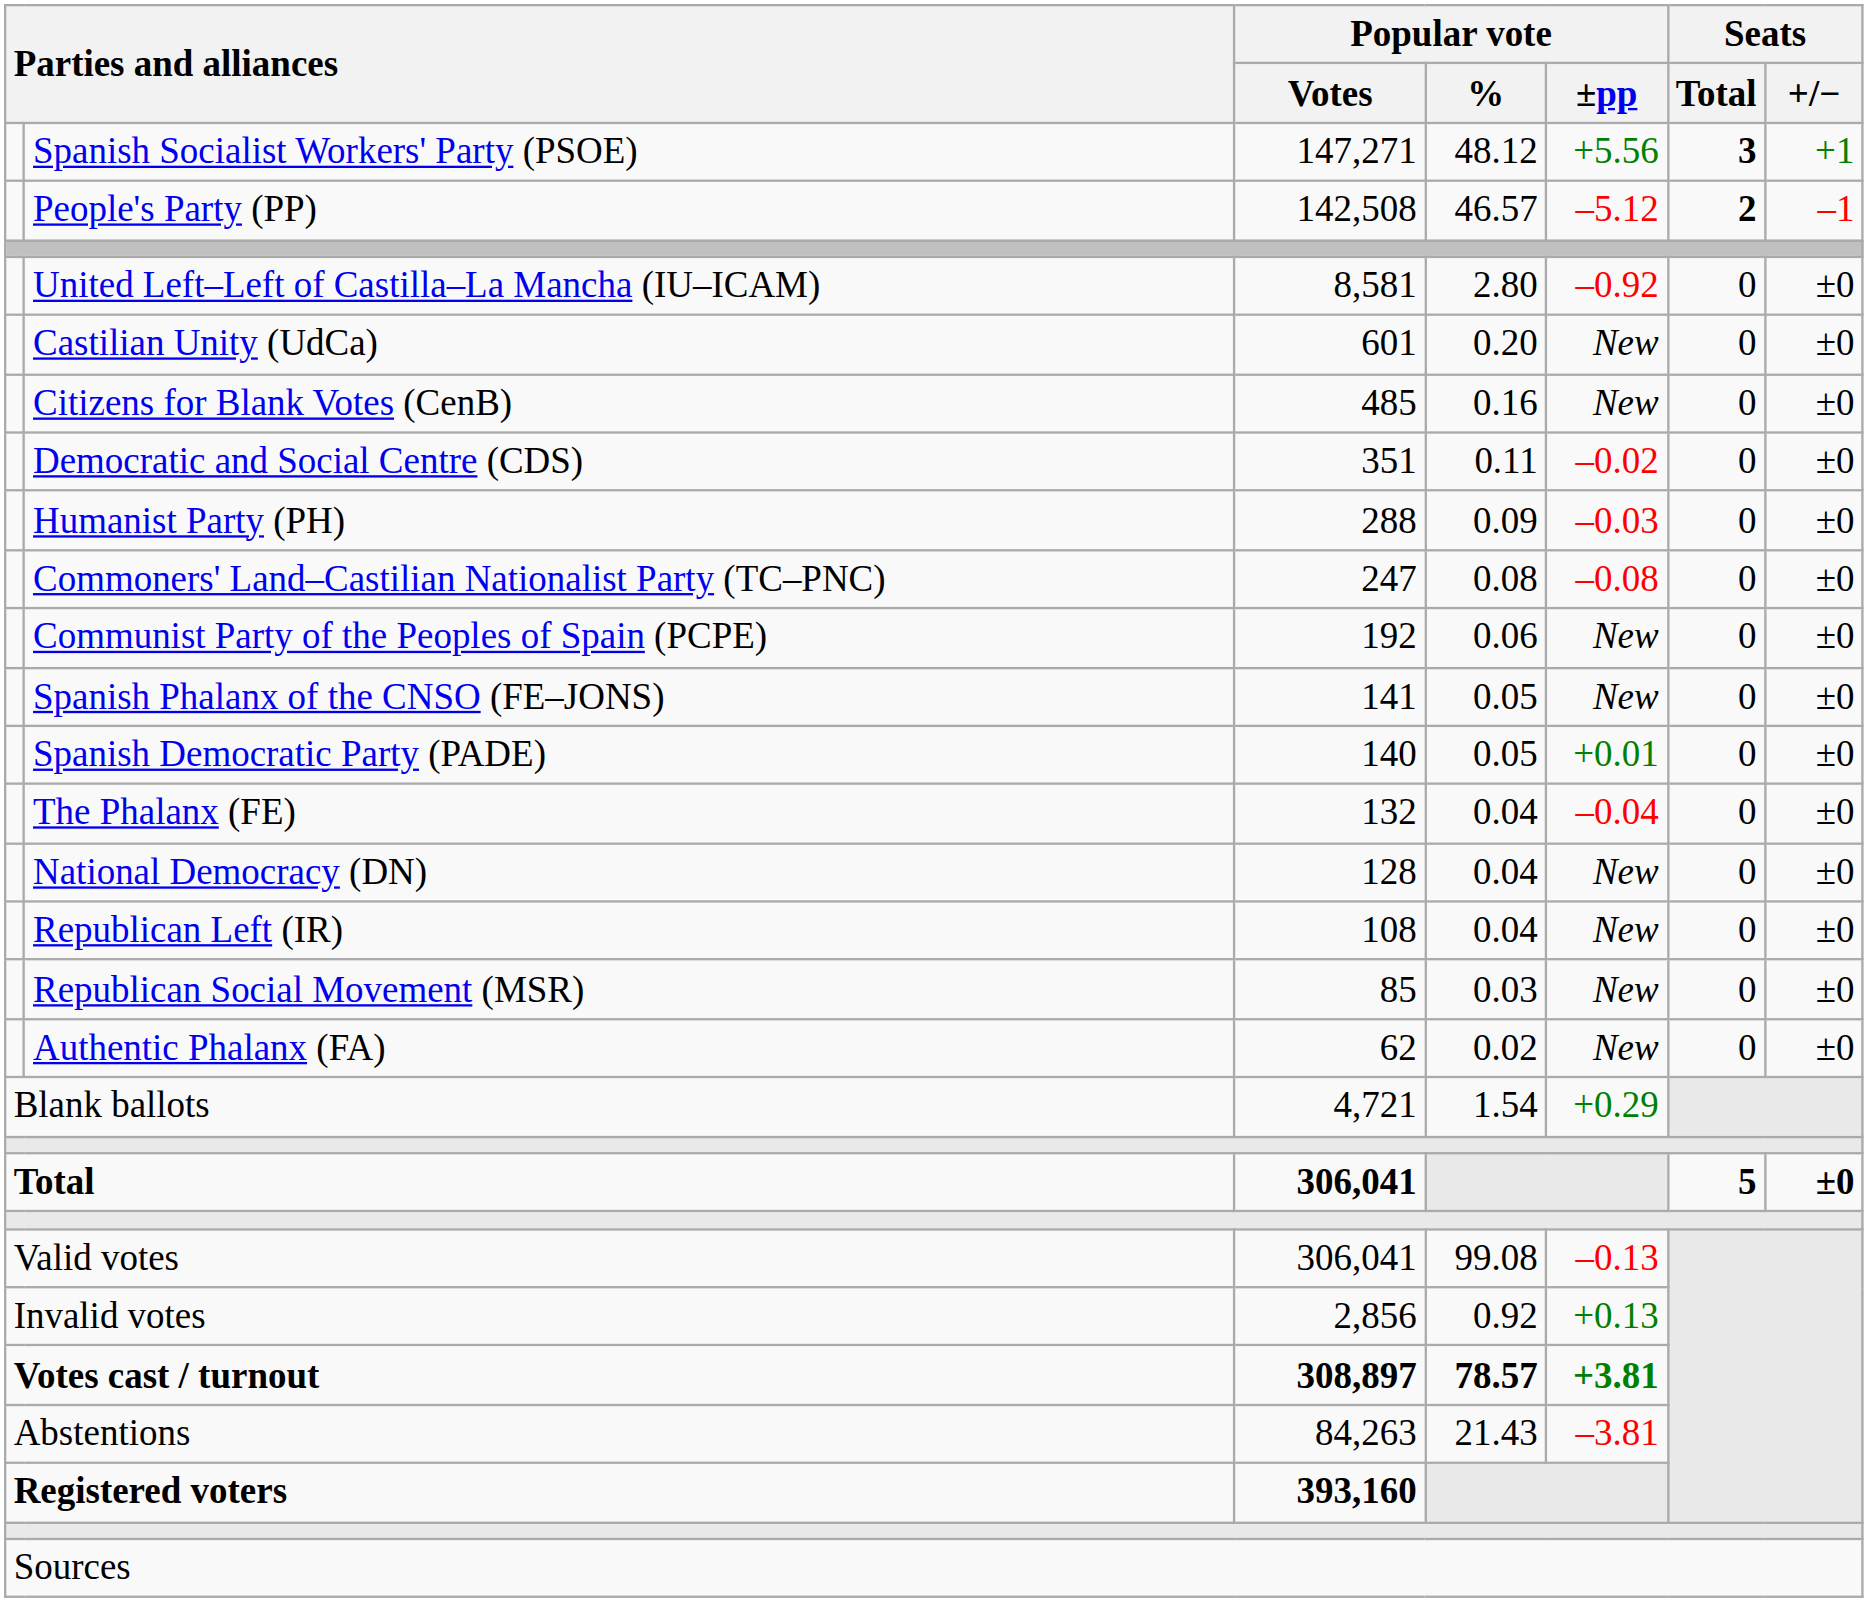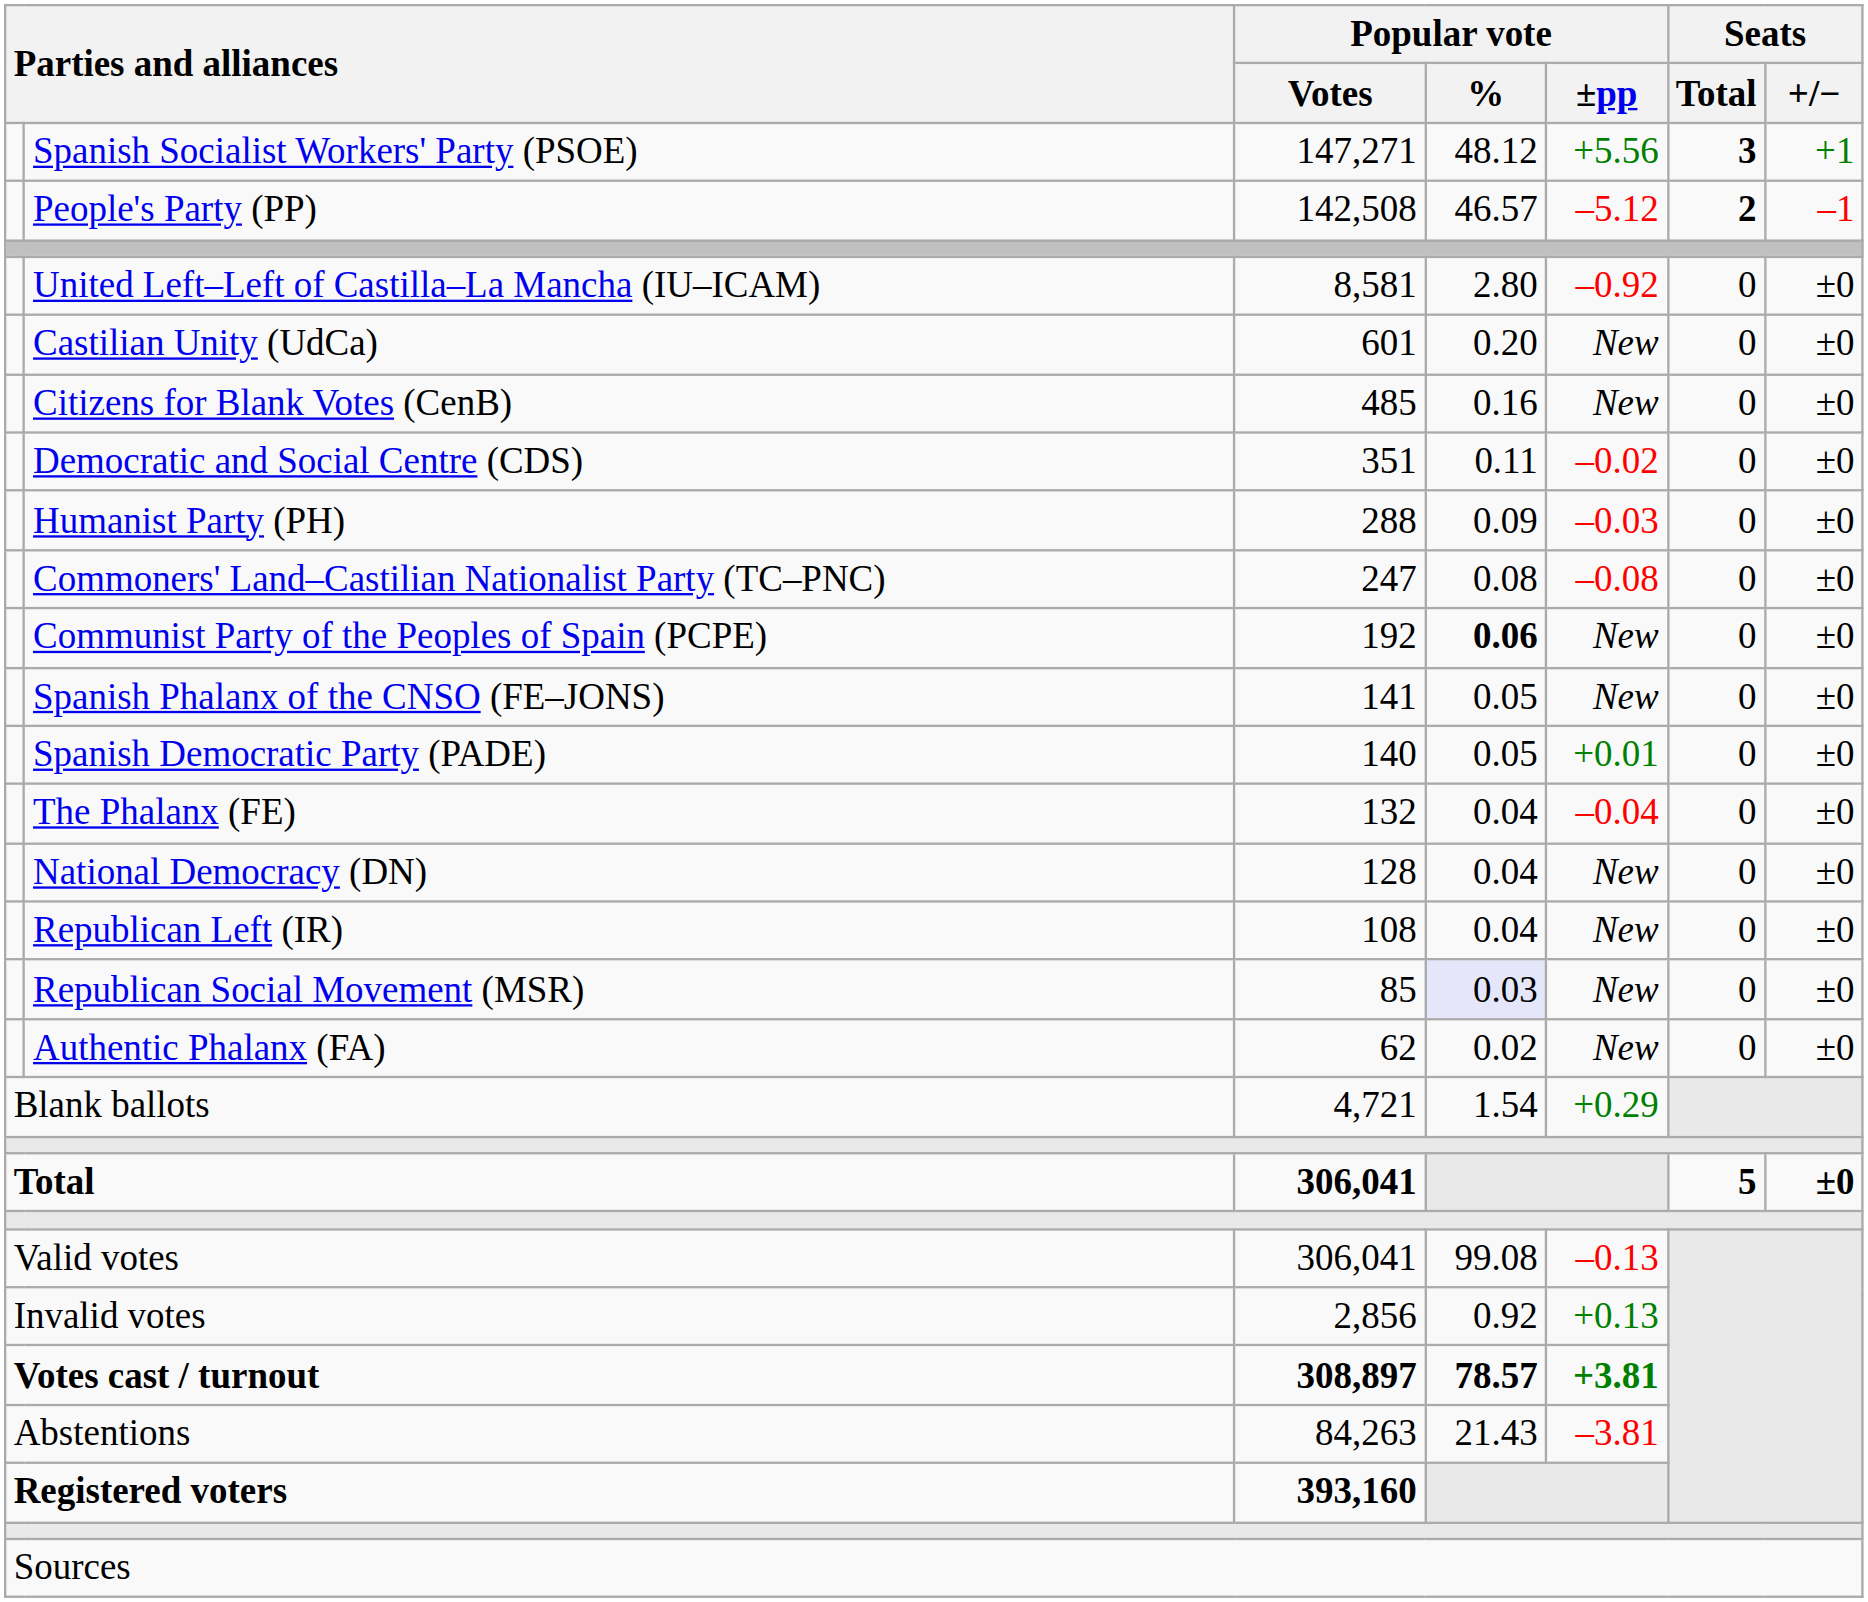 <table class="wikitable" style="text-align:right;">
 <tr>
 <th style="text-align:left;" rowspan="2" colspan="2" width="525">Parties and alliances</th>
 <th colspan="3">Popular vote</th>
 <th colspan="2">Seats</th>
 </tr>
 <tr>
 <th width="75">Votes</th>
 <th width="45">%</th>
 <th width="45">±<a href='#'>pp</a></th>
 <th width="35">Total</th>
 <th width="35">+/−</th>
 </tr>
 <tr>
 <td width="1" style="color:inherit;background:"></td>
 <td align="left"><a href='#'>Spanish Socialist Workers' Party</a> (PSOE)</td>
 <td>147,271</td>
 <td>48.12</td>
 <td style="color:green;">+5.56</td>
 <td><strong>3</strong></td>
 <td style="color:green;">+1</td>
 </tr>
 <tr>
 <td style="color:inherit;background:"></td>
 <td align="left"><a href='#'>People's Party</a> (PP)</td>
 <td>142,508</td>
 <td>46.57</td>
 <td style="color:red;">–5.12</td>
 <td><strong>2</strong></td>
 <td style="color:red;">–1</td>
 </tr>
 <tr>
 <td colspan="7" bgcolor="#C0C0C0"></td>
 </tr>
 <tr>
 <td style="color:inherit;background:"></td>
 <td align="left"><a href='#'>United Left–Left of Castilla–La Mancha</a> (IU–ICAM)</td>
 <td>8,581</td>
 <td>2.80</td>
 <td style="color:red;">–0.92</td>
 <td>0</td>
 <td>±0</td>
 </tr>
 <tr>
 <td style="color:inherit;background:"></td>
 <td align="left"><a href='#'>Castilian Unity</a> (UdCa)</td>
 <td>601</td>
 <td>0.20</td>
 <td><em>New</em></td>
 <td>0</td>
 <td>±0</td>
 </tr>
 <tr>
 <td style="color:inherit;background:"></td>
 <td align="left"><a href='#'>Citizens for Blank Votes</a> (CenB)</td>
 <td>485</td>
 <td>0.16</td>
 <td><em>New</em></td>
 <td>0</td>
 <td>±0</td>
 </tr>
 <tr>
 <td style="color:inherit;background:"></td>
 <td align="left"><a href='#'>Democratic and Social Centre</a> (CDS)</td>
 <td>351</td>
 <td>0.11</td>
 <td style="color:red;">–0.02</td>
 <td>0</td>
 <td>±0</td>
 </tr>
 <tr>
 <td style="color:inherit;background:"></td>
 <td align="left"><a href='#'>Humanist Party</a> (PH)</td>
 <td>288</td>
 <td>0.09</td>
 <td style="color:red;">–0.03</td>
 <td>0</td>
 <td>±0</td>
 </tr>
 <tr>
 <td style="color:inherit;background:"></td>
 <td align="left"><a href='#'>Commoners' Land–Castilian Nationalist Party</a> (TC–PNC)</td>
 <td>247</td>
 <td>0.08</td>
 <td style="color:red;">–0.08</td>
 <td>0</td>
 <td>±0</td>
 </tr>
 <tr>
 <td style="color:inherit;background:"></td>
 <td align="left"><a href='#'>Communist Party of the Peoples of Spain</a> (PCPE)</td>
 <td>192</td>
-<td>0.06</td>
+<td><strong>0.06</strong></td>
 <td><em>New</em></td>
 <td>0</td>
 <td>±0</td>
 </tr>
 <tr>
 <td style="color:inherit;background:"></td>
 <td align="left"><a href='#'>Spanish Phalanx of the CNSO</a> (FE–JONS)</td>
 <td>141</td>
 <td>0.05</td>
 <td><em>New</em></td>
 <td>0</td>
 <td>±0</td>
 </tr>
 <tr>
 <td style="color:inherit;background:"></td>
 <td align="left"><a href='#'>Spanish Democratic Party</a> (PADE)</td>
 <td>140</td>
 <td>0.05</td>
 <td style="color:green;">+0.01</td>
 <td>0</td>
 <td>±0</td>
 </tr>
 <tr>
 <td style="color:inherit;background:"></td>
 <td align="left"><a href='#'>The Phalanx</a> (FE)</td>
 <td>132</td>
 <td>0.04</td>
 <td style="color:red;">–0.04</td>
 <td>0</td>
 <td>±0</td>
 </tr>
 <tr>
 <td style="color:inherit;background:"></td>
 <td align="left"><a href='#'>National Democracy</a> (DN)</td>
 <td>128</td>
 <td>0.04</td>
 <td><em>New</em></td>
 <td>0</td>
 <td>±0</td>
 </tr>
 <tr>
 <td style="color:inherit;background:"></td>
 <td align="left"><a href='#'>Republican Left</a> (IR)</td>
 <td>108</td>
 <td>0.04</td>
 <td><em>New</em></td>
 <td>0</td>
 <td>±0</td>
 </tr>
 <tr>
 <td style="color:inherit;background:"></td>
 <td align="left"><a href='#'>Republican Social Movement</a> (MSR)</td>
 <td>85</td>
-<td>0.03</td>
+<td style="background: lavender;">0.03</td>
 <td><em>New</em></td>
 <td>0</td>
 <td>±0</td>
 </tr>
 <tr>
 <td style="color:inherit;background:"></td>
 <td align="left"><a href='#'>Authentic Phalanx</a> (FA)</td>
 <td>62</td>
 <td>0.02</td>
 <td><em>New</em></td>
 <td>0</td>
 <td>±0</td>
 </tr>
 <tr>
 <td align="left" colspan="2">Blank ballots</td>
 <td>4,721</td>
 <td>1.54</td>
 <td style="color:green;">+0.29</td>
 <td bgcolor="#E9E9E9" colspan="2"></td>
 </tr>
 <tr>
 <td colspan="7" bgcolor="#E9E9E9"></td>
 </tr>
 <tr style="font-weight:bold;">
 <td align="left" colspan="2">Total</td>
 <td>306,041</td>
 <td bgcolor="#E9E9E9" colspan="2"></td>
 <td>5</td>
 <td>±0</td>
 </tr>
 <tr>
 <td colspan="7" bgcolor="#E9E9E9"></td>
 </tr>
 <tr>
 <td align="left" colspan="2">Valid votes</td>
 <td>306,041</td>
 <td>99.08</td>
 <td style="color:red;">–0.13</td>
 <td bgcolor="#E9E9E9" colspan="2" rowspan="5"></td>
 </tr>
 <tr>
 <td align="left" colspan="2">Invalid votes</td>
 <td>2,856</td>
 <td>0.92</td>
 <td style="color:green;">+0.13</td>
 </tr>
 <tr style="font-weight:bold;">
 <td align="left" colspan="2">Votes cast / turnout</td>
 <td>308,897</td>
 <td>78.57</td>
 <td style="color:green;">+3.81</td>
 </tr>
 <tr>
 <td align="left" colspan="2">Abstentions</td>
 <td>84,263</td>
 <td>21.43</td>
 <td style="color:red;">–3.81</td>
 </tr>
 <tr style="font-weight:bold;">
 <td align="left" colspan="2">Registered voters</td>
 <td>393,160</td>
 <td bgcolor="#E9E9E9" colspan="2"></td>
 </tr>
 <tr>
 <td colspan="7" bgcolor="#E9E9E9"></td>
 </tr>
 <tr>
 <td align="left" colspan="7">Sources</td>
 </tr>
 </table>
